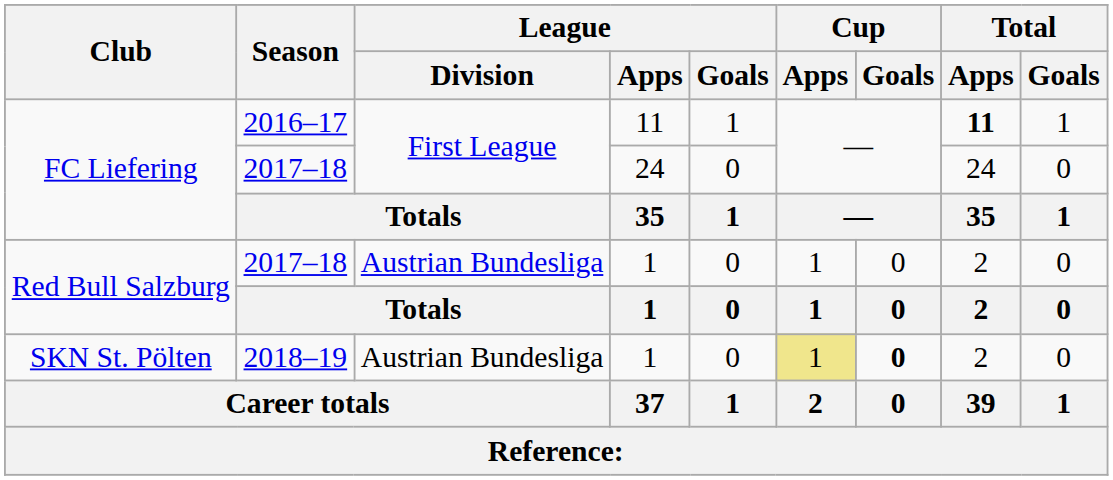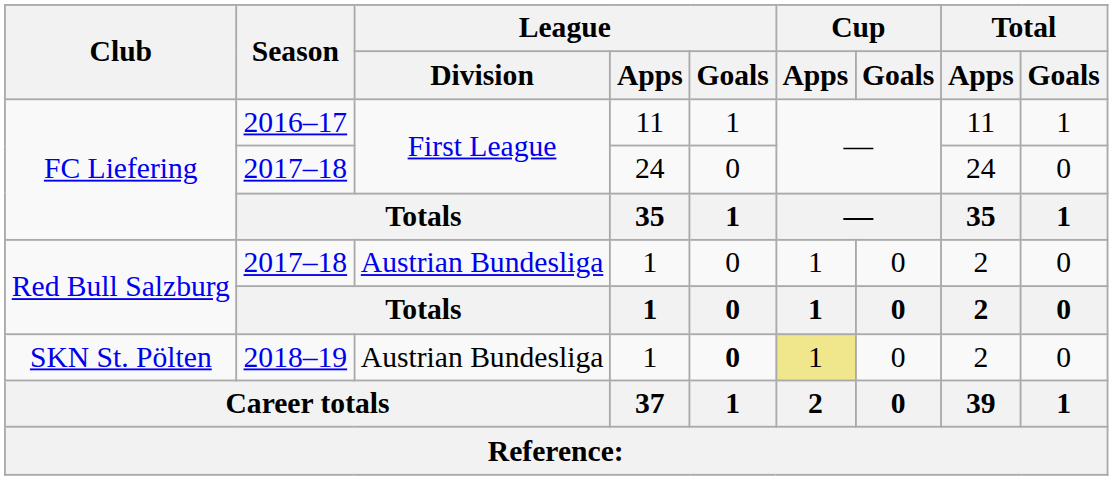 <table class="wikitable" Style="text-align: center">
 <tr>
 <th rowspan="2">Club</th>
 <th rowspan="2">Season</th>
 <th colspan="3">League</th>
 <th colspan="2">Cup</th>
 <th colspan="2">Total</th>
 </tr>
 <tr>
 <th>Division</th>
 <th>Apps</th>
 <th>Goals</th>
 <th>Apps</th>
 <th>Goals</th>
 <th>Apps</th>
 <th>Goals</th>
 </tr>
 <tr>
 <td rowspan="3"><a href='#'>FC Liefering</a></td>
 <td><a href='#'>2016–17</a></td>
 <td rowspan="2"><a href='#'>First League</a></td>
 <td>11</td>
 <td>1</td>
 <td rowspan="2" colspan="2">—</td>
-<td><strong>11</strong></td>
+<td>11</td>
 <td>1</td>
 </tr>
 <tr>
 <td><a href='#'>2017–18</a></td>
 <td>24</td>
 <td>0</td>
 <td>24</td>
 <td>0</td>
 </tr>
 <tr>
 <th colspan="2">Totals</th>
 <th>35</th>
 <th>1</th>
 <th colspan="2">—</th>
 <th>35</th>
 <th>1</th>
 </tr>
 <tr>
 <td rowspan="2"><a href='#'>Red Bull Salzburg</a></td>
 <td><a href='#'>2017–18</a></td>
 <td><a href='#'>Austrian Bundesliga</a></td>
 <td>1</td>
 <td>0</td>
 <td>1</td>
 <td>0</td>
 <td>2</td>
 <td>0</td>
 </tr>
 <tr>
 <th colspan="2">Totals</th>
 <th>1</th>
 <th>0</th>
 <th>1</th>
 <th>0</th>
 <th>2</th>
 <th>0</th>
 </tr>
 <tr>
 <td><a href='#'>SKN St. Pölten</a></td>
 <td><a href='#'>2018–19</a></td>
 <td>Austrian Bundesliga</td>
 <td>1</td>
+<td><strong>0</strong></td>
+<td style="background: khaki;">1</td>
 <td>0</td>
-<td style="background: khaki;">1</td>
-<td><strong>0</strong></td>
 <td>2</td>
 <td>0</td>
 </tr>
 <tr>
 <th colspan="3">Career totals</th>
 <th>37</th>
 <th>1</th>
 <th>2</th>
 <th>0</th>
 <th>39</th>
 <th>1</th>
 </tr>
 <tr>
 <th colspan="9">Reference:</th>
 </tr>
 </table>
